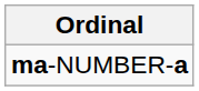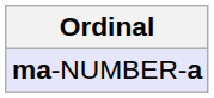 <table class="wikitable" style="text-align:center;">
 <tr>
 <th>Ordinal</th>
 </tr>
 <tr>
-<td><strong>ma</strong>-NUMBER-<strong>a</strong></td>
+<td style="background: lavender;"><strong>ma</strong>-NUMBER-<strong>a</strong></td>
 </tr>
 </table>
